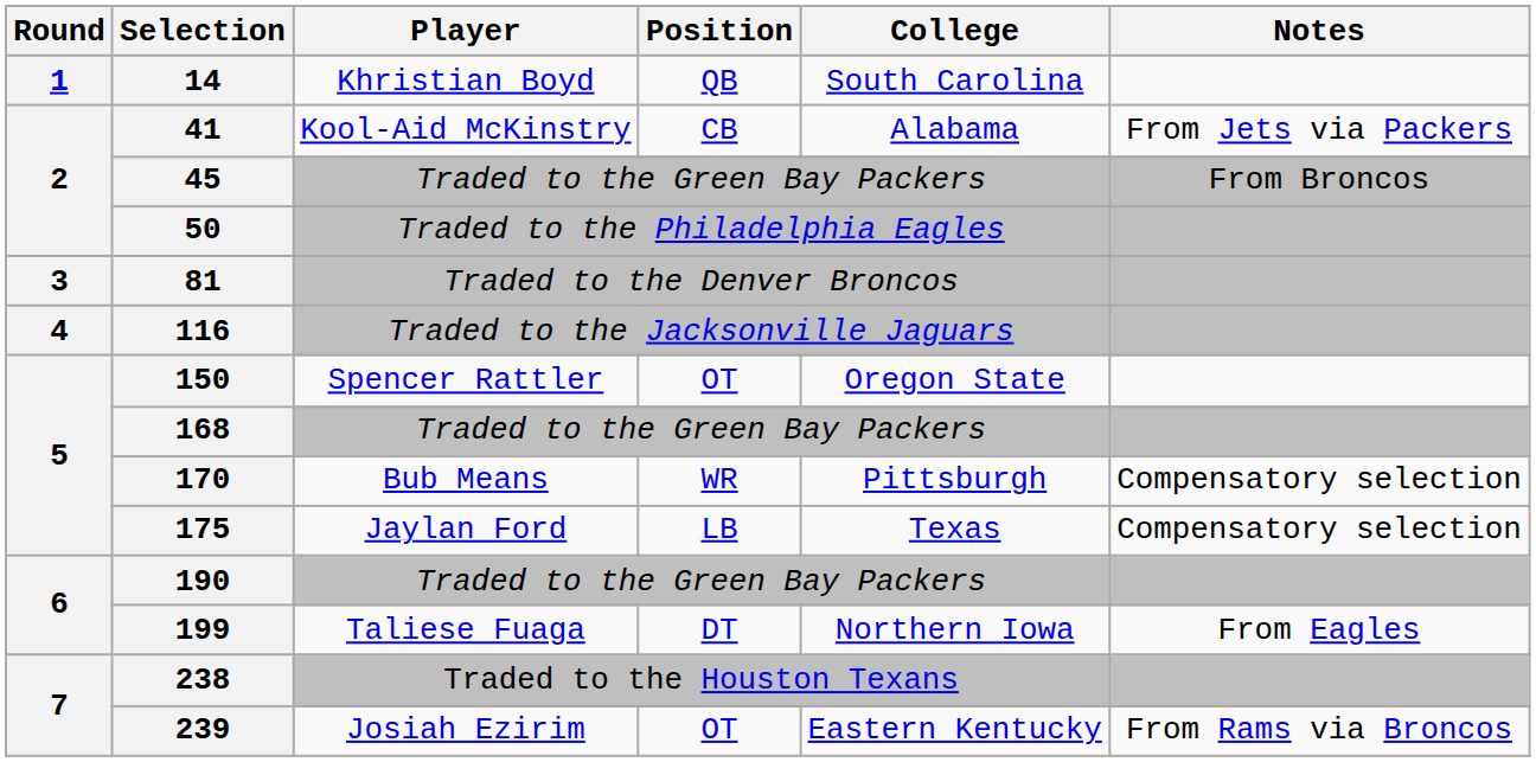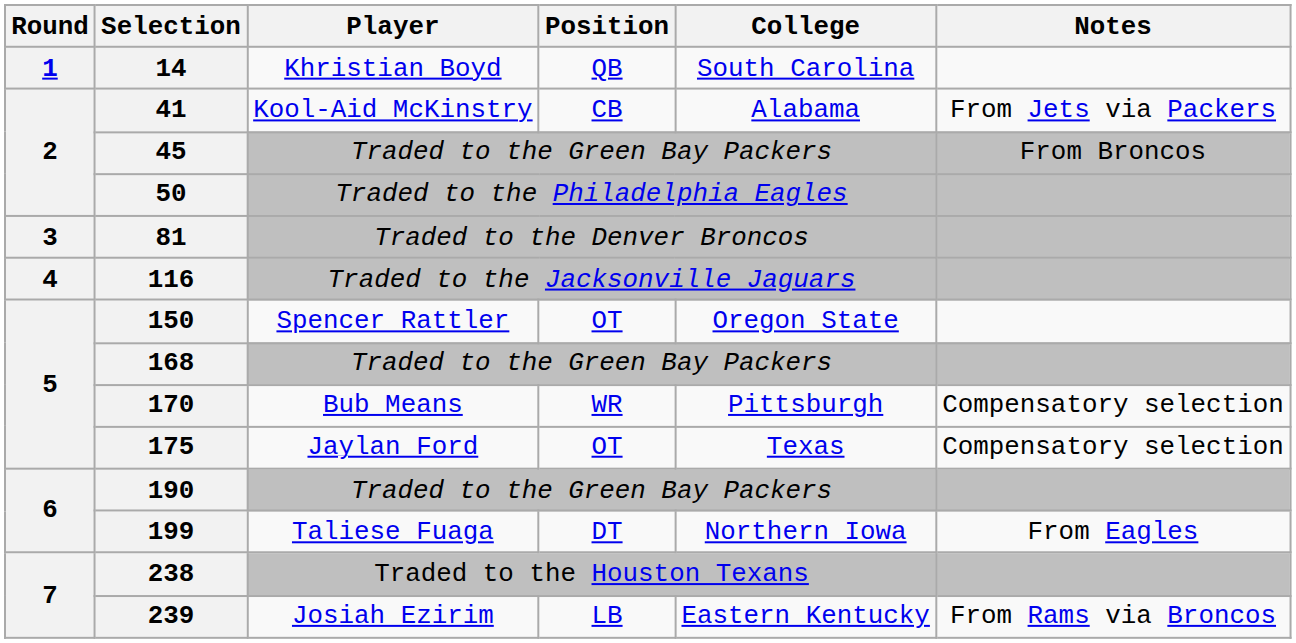 <table class="wikitable" style="text-align:center">
 <tr>
 <th>Round</th>
 <th>Selection</th>
 <th>Player</th>
 <th>Position</th>
 <th>College</th>
 <th>Notes</th>
 </tr>
 <tr>
 <th><a href='#'>1</a></th>
 <th>14</th>
 <td><a href='#'>Khristian Boyd</a></td>
 <td><a href='#'>QB</a></td>
 <td><a href='#'>South Carolina</a></td>
 <td></td>
 </tr>
 <tr>
 <th rowspan="3">2</th>
 <th>41</th>
 <td><a href='#'>Kool-Aid McKinstry</a></td>
 <td><a href='#'>CB</a></td>
 <td><a href='#'>Alabama</a></td>
 <td>From <a href='#'>Jets</a> via <a href='#'>Packers</a></td>
 </tr>
 <tr>
 <th>45</th>
 <td colspan="3" style="background:#BFBFBF"><em>Traded to the Green Bay Packers</em></td>
 <td style="background:#BFBFBF">From Broncos</td>
 </tr>
 <tr>
 <th>50</th>
 <td colspan="3" style="background:#BFBFBF"><em>Traded to the <a href='#'>Philadelphia Eagles</a></em></td>
 <td style="background:#BFBFBF"></td>
 </tr>
 <tr>
 <th>3</th>
 <th>81</th>
 <td colspan="3" style="background:#BFBFBF"><em>Traded to the Denver Broncos</em></td>
 <td style="background:#BFBFBF"></td>
 </tr>
 <tr>
 <th>4</th>
 <th>116</th>
 <td colspan="3" style="background:#BFBFBF"><em>Traded to the <a href='#'>Jacksonville Jaguars</a></em></td>
 <td style="background:#BFBFBF"></td>
 </tr>
 <tr>
 <th rowspan="4">5</th>
 <th>150</th>
 <td><a href='#'>Spencer Rattler</a></td>
 <td><a href='#'>OT</a></td>
 <td><a href='#'>Oregon State</a></td>
 <td></td>
 </tr>
 <tr>
 <th>168</th>
 <td colspan="3" style="background:#BFBFBF"><em>Traded to the Green Bay Packers</em></td>
 <td style="background:#BFBFBF"></td>
 </tr>
 <tr>
 <th>170</th>
 <td><a href='#'>Bub Means</a></td>
 <td><a href='#'>WR</a></td>
 <td><a href='#'>Pittsburgh</a></td>
 <td>Compensatory selection</td>
 </tr>
 <tr>
 <th>175</th>
 <td><a href='#'>Jaylan Ford</a></td>
-<td><a href='#'>LB</a></td>
+<td><a href='#'>OT</a></td>
 <td><a href='#'>Texas</a></td>
 <td>Compensatory selection</td>
 </tr>
 <tr>
 <th rowspan="2">6</th>
 <th>190</th>
 <td colspan="3" style="background:#BFBFBF"><em>Traded to the Green Bay Packers</em></td>
 <td style="background:#BFBFBF"></td>
 </tr>
 <tr>
 <th>199</th>
 <td><a href='#'>Taliese Fuaga</a></td>
 <td><a href='#'>DT</a></td>
 <td><a href='#'>Northern Iowa</a></td>
 <td>From <a href='#'>Eagles</a><em></td>
 </tr>
 <tr>
 <th rowspan="2">7</th>
 <th>238</th>
 <td colspan="3" style="background:#BFBFBF"></em>Traded to the <a href='#'>Houston Texans</a><em></td>
 <td style="background:#BFBFBF"></td>
 </tr>
 <tr>
 <th>239</th>
 <td><a href='#'>Josiah Ezirim</a></td>
-<td><a href='#'>OT</a></td>
+<td><a href='#'>LB</a></td>
 <td><a href='#'>Eastern Kentucky</a></td>
 <td>From <a href='#'>Rams</a> via <a href='#'>Broncos</a></td>
 </tr>
 </table>
